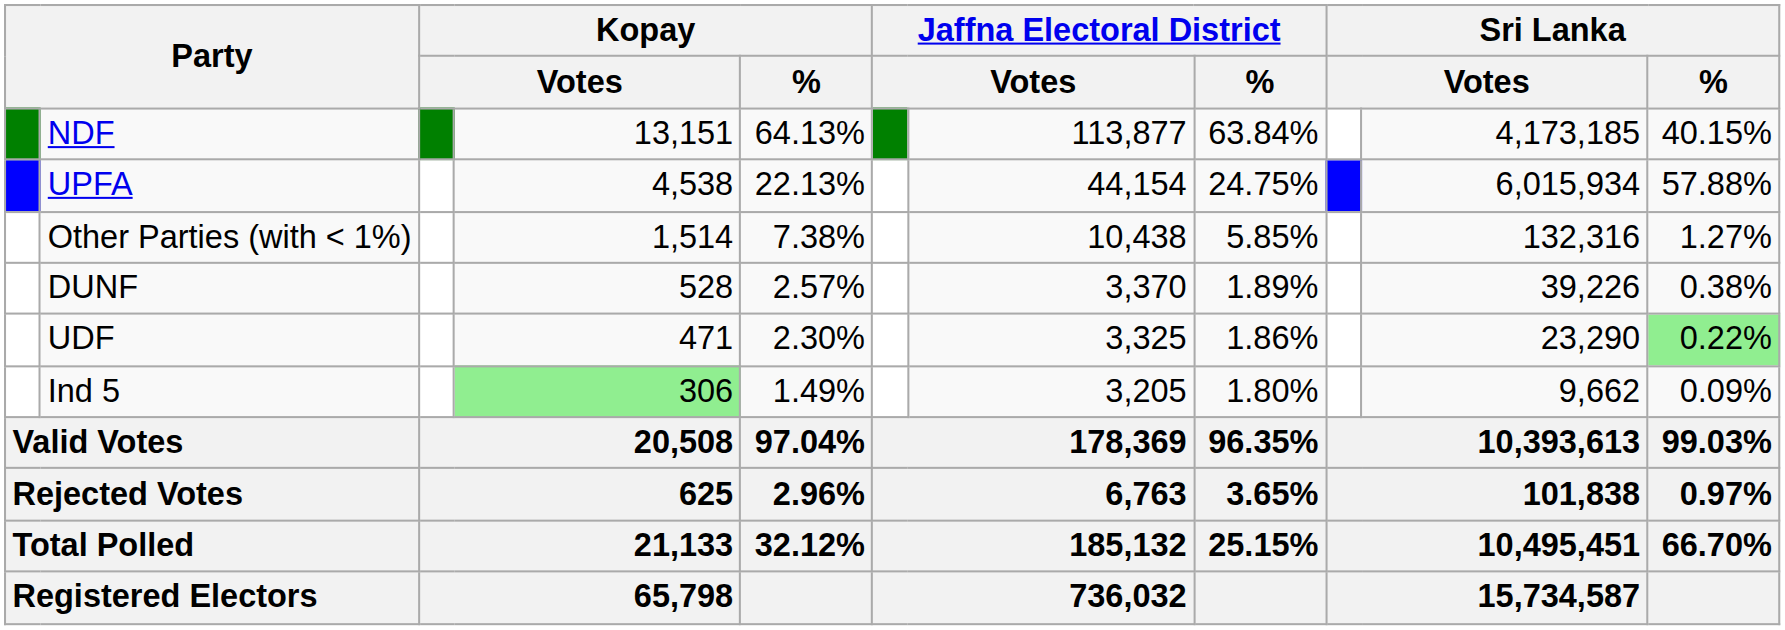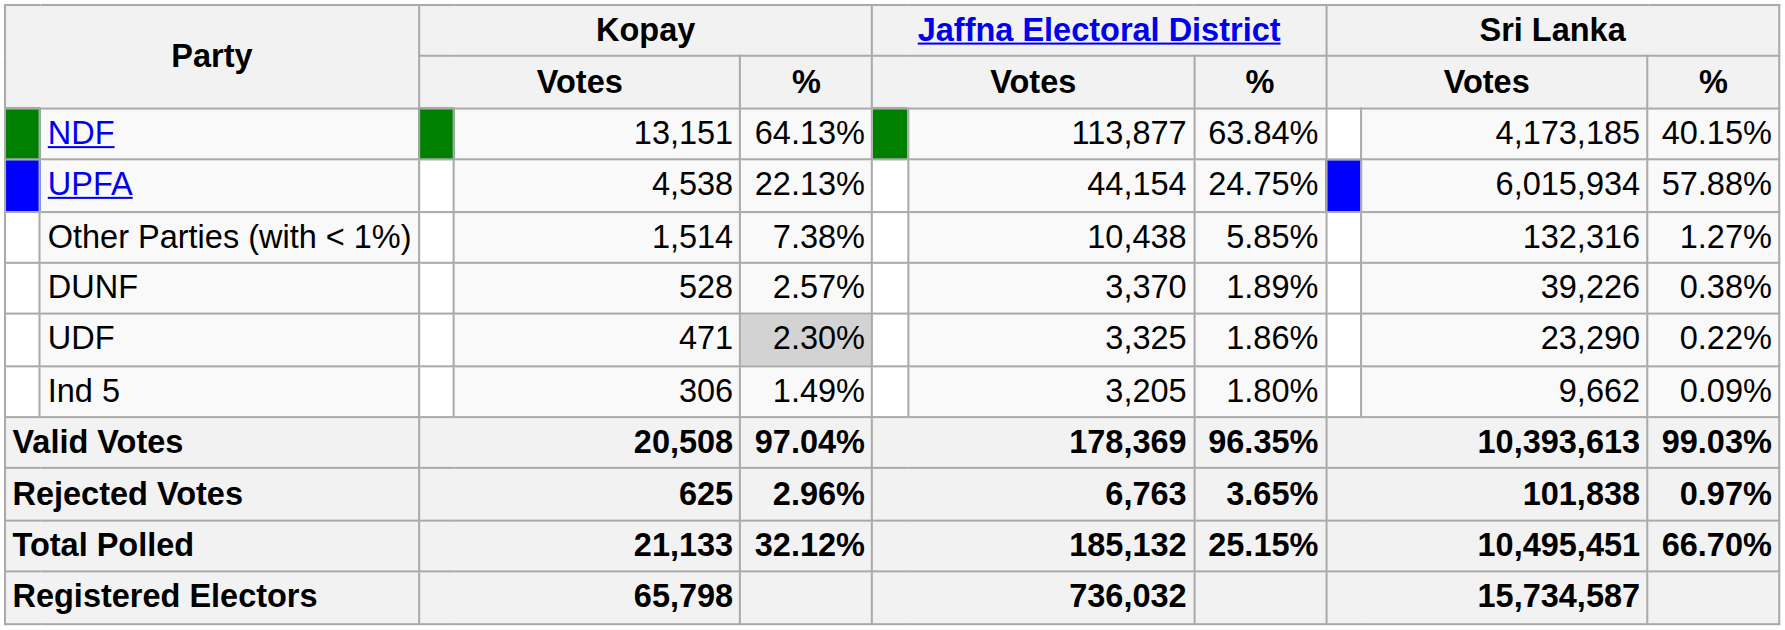 <table class="wikitable">
 <tr>
 <th colspan="2" width="144px"rowspan="2">Party</th>
 <th colspan="3" width="216px">Kopay</th>
 <th colspan="3" width="216px"><a href='#'>Jaffna Electoral District</a></th>
 <th colspan="3" width="216px">Sri Lanka</th>
 </tr>
 <tr>
 <th colspan="2" width="144px">Votes</th>
 <th>%</th>
 <th colspan="2" width="144px">Votes</th>
 <th>%</th>
 <th colspan="2" width="144px">Votes</th>
 <th>%</th>
 </tr>
 <tr>
 <td style="background-color:green;" width="10px"></td>
 <td style="text-align:left;"><a href='#'>NDF</a></td>
 <td style="background-color:green;" width="10px"></td>
 <td style="text-align:right;">13,151</td>
 <td style="text-align:right;">64.13%</td>
 <td style="background-color:green;" width="10px"></td>
 <td style="text-align:right;">113,877</td>
 <td style="text-align:right;">63.84%</td>
 <td style="background-color:white;" width="10px"></td>
 <td style="text-align:right;">4,173,185</td>
 <td style="text-align:right;">40.15%</td>
 </tr>
 <tr>
 <td style="background-color:blue;" width="10px"></td>
 <td style="text-align:left;"><a href='#'>UPFA</a></td>
 <td style="background-color:white;" width="10px"></td>
 <td style="text-align:right;">4,538</td>
 <td style="text-align:right;">22.13%</td>
 <td style="background-color:white;" width="10px"></td>
 <td style="text-align:right;">44,154</td>
 <td style="text-align:right;">24.75%</td>
 <td style="background-color:blue;" width="10px"></td>
 <td style="text-align:right;">6,015,934</td>
 <td style="text-align:right;">57.88%</td>
 </tr>
 <tr>
 <td style="background-color:white;" width="10px"></td>
 <td style="text-align:left;">Other Parties (with < 1%)</td>
 <td style="background-color:white;" width="10px"></td>
 <td style="text-align:right;">1,514</td>
 <td style="text-align:right;">7.38%</td>
 <td style="background-color:white;" width="10px"></td>
 <td style="text-align:right;">10,438</td>
 <td style="text-align:right;">5.85%</td>
 <td style="background-color:white;" width="10px"></td>
 <td style="text-align:right;">132,316</td>
 <td style="text-align:right;">1.27%</td>
 </tr>
 <tr>
 <td style="background-color:white;" width="10px"></td>
 <td style="text-align:left;">DUNF</td>
 <td style="background-color:white;" width="10px"></td>
 <td style="text-align:right;">528</td>
 <td style="text-align:right;">2.57%</td>
 <td style="background-color:white;" width="10px"></td>
 <td style="text-align:right;">3,370</td>
 <td style="text-align:right;">1.89%</td>
 <td style="background-color:white;" width="10px"></td>
 <td style="text-align:right;">39,226</td>
 <td style="text-align:right;">0.38%</td>
 </tr>
 <tr>
 <td style="background-color:white;" width="10px"></td>
 <td style="text-align:left;">UDF</td>
 <td style="background-color:white;" width="10px"></td>
 <td style="text-align:right;">471</td>
-<td style="text-align:right;">2.30%</td>
+<td style="background: lightgrey; text-align:right;">2.30%</td>
 <td style="background-color:white;" width="10px"></td>
 <td style="text-align:right;">3,325</td>
 <td style="text-align:right;">1.86%</td>
 <td style="background-color:white;" width="10px"></td>
 <td style="text-align:right;">23,290</td>
-<td style="background: lightgreen; text-align:right;">0.22%</td>
+<td style="text-align:right;">0.22%</td>
 </tr>
 <tr>
 <td style="background-color:white;" width="10px"></td>
 <td style="text-align:left;">Ind 5</td>
 <td style="background-color:white;" width="10px"></td>
-<td style="background: lightgreen; text-align:right;">306</td>
+<td style="text-align:right;">306</td>
 <td style="text-align:right;">1.49%</td>
 <td style="background-color:white;" width="10px"></td>
 <td style="text-align:right;">3,205</td>
 <td style="text-align:right;">1.80%</td>
 <td style="background-color:white;" width="10px"></td>
 <td style="text-align:right;">9,662</td>
 <td style="text-align:right;">0.09%</td>
 </tr>
 <tr>
 <th colspan="2" width="144px"style="text-align:left;">Valid Votes</th>
 <th style="text-align:right;"colspan="2" width="144px">20,508</th>
 <th style="text-align:right;">97.04%</th>
 <th style="text-align:right;"colspan="2" width="144px">178,369</th>
 <th style="text-align:right;">96.35%</th>
 <th style="text-align:right;"colspan="2" width="144px">10,393,613</th>
 <th style="text-align:right;">99.03%</th>
 </tr>
 <tr>
 <th colspan="2" width="144px"style="text-align:left;">Rejected Votes</th>
 <th style="text-align:right;"colspan="2" width="144px">625</th>
 <th style="text-align:right;">2.96%</th>
 <th style="text-align:right;"colspan="2" width="144px">6,763</th>
 <th style="text-align:right;">3.65%</th>
 <th style="text-align:right;"colspan="2" width="144px">101,838</th>
 <th style="text-align:right;">0.97%</th>
 </tr>
 <tr>
 <th colspan="2" width="144px"style="text-align:left;">Total Polled</th>
 <th style="text-align:right;"colspan="2" width="144px">21,133</th>
 <th style="text-align:right;">32.12%</th>
 <th style="text-align:right;"colspan="2" width="144px">185,132</th>
 <th style="text-align:right;">25.15%</th>
 <th style="text-align:right;"colspan="2" width="144px">10,495,451</th>
 <th style="text-align:right;">66.70%</th>
 </tr>
 <tr>
 <th colspan="2" width="144px"style="text-align:left;">Registered Electors</th>
 <th style="text-align:right;"colspan="2" width="144px">65,798</th>
 <th></th>
 <th style="text-align:right;"colspan="2" width="144px">736,032</th>
 <th></th>
 <th style="text-align:right;"colspan="2" width="144px">15,734,587</th>
 <th></th>
 </tr>
 </table>
